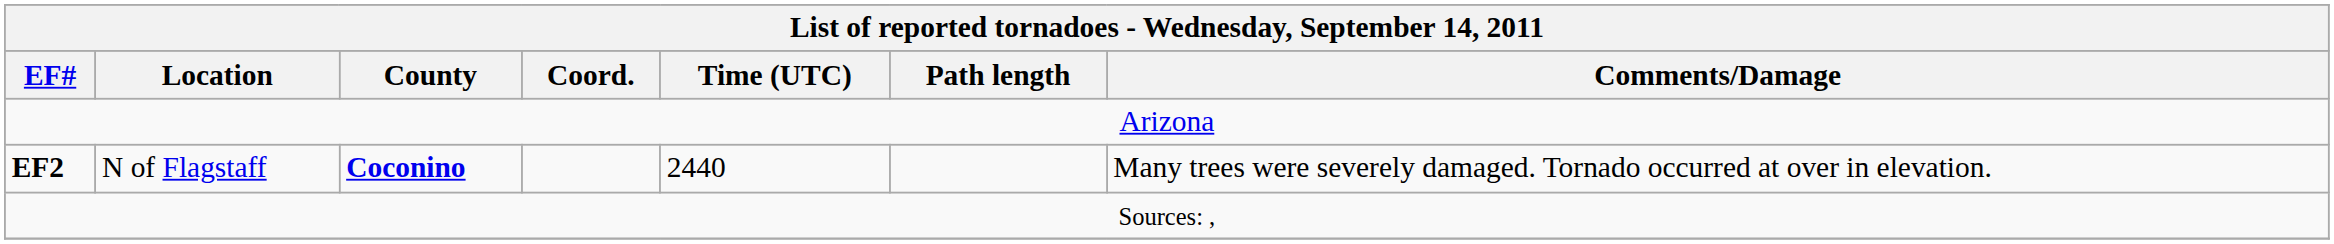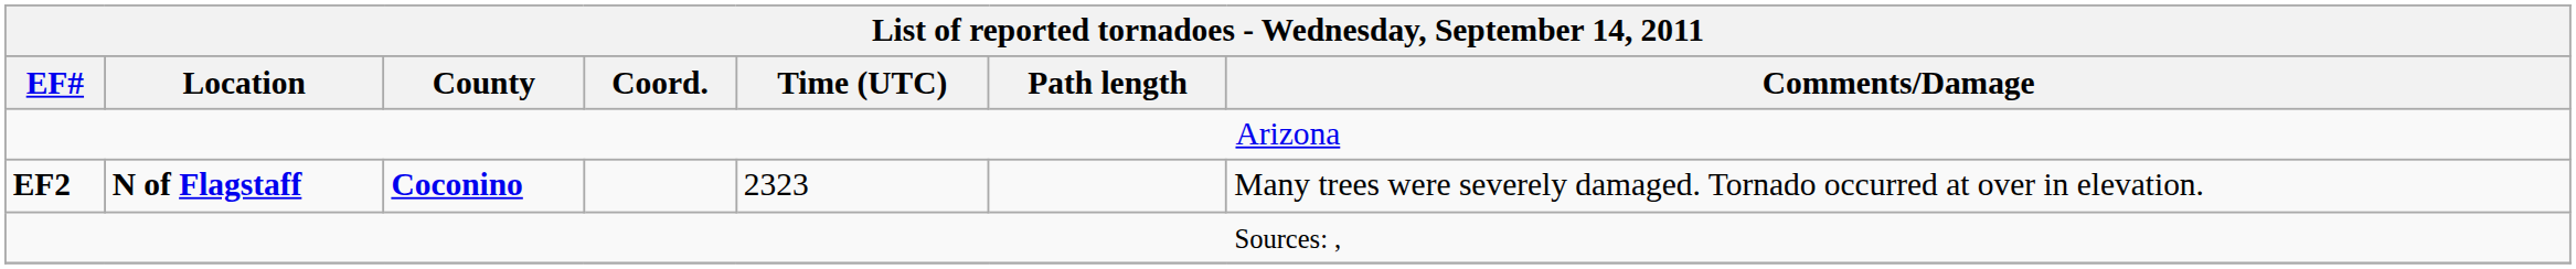 <table class="wikitable collapsible" width="100%">
 <tr>
 <th colspan="7">List of reported tornadoes - Wednesday, September 14, 2011</th>
 </tr>
 <tr>
 <th><a href='#'>EF#</a></th>
 <th>Location</th>
 <th>County</th>
 <th>Coord.</th>
 <th>Time (UTC)</th>
 <th>Path length</th>
 <th>Comments/Damage</th>
 </tr>
 <tr>
 <td colspan="7" align=center><a href='#'>Arizona</a></td>
 </tr>
 <tr>
 <td><strong>EF2</strong></td>
-<td>N of <a href='#'>Flagstaff</a></td>
+<td><strong>N of <a href='#'>Flagstaff</a></strong></td>
 <td><strong><a href='#'>Coconino</a></strong></td>
 <td></td>
-<td>2440</td>
+<td>2323</td>
 <td></td>
 <td>Many trees were severely damaged. Tornado occurred at over  in elevation.</td>
 </tr>
 <tr>
 <td colspan="7" align=center><small>Sources: , </small></td>
 </tr>
 <tr>
 </tr>
 </table>
